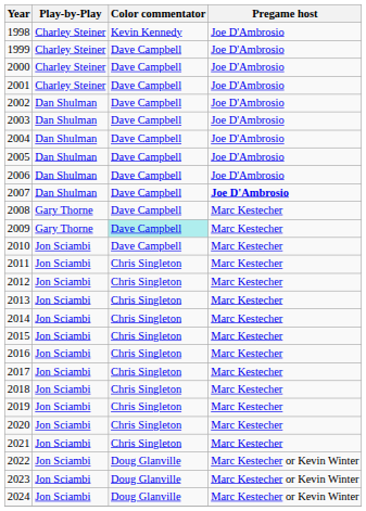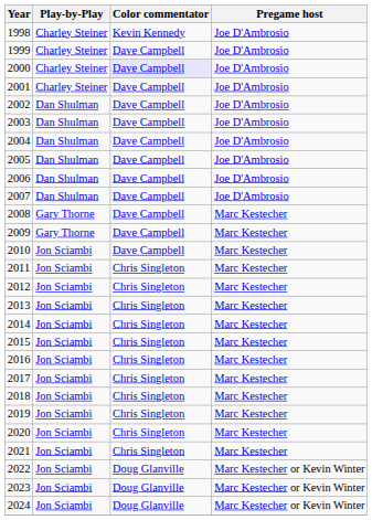 <table class=wikitable>
 <tr>
 <th>Year</th>
 <th>Play-by-Play</th>
 <th>Color commentator</th>
 <th>Pregame host</th>
 </tr>
 <tr>
 <td>1998</td>
 <td><a href='#'>Charley Steiner</a></td>
 <td><a href='#'>Kevin Kennedy</a></td>
 <td><a href='#'>Joe D'Ambrosio</a></td>
 </tr>
 <tr>
 <td>1999</td>
 <td><a href='#'>Charley Steiner</a></td>
 <td><a href='#'>Dave Campbell</a></td>
 <td><a href='#'>Joe D'Ambrosio</a></td>
 </tr>
 <tr>
 <td>2000</td>
 <td><a href='#'>Charley Steiner</a></td>
-<td><a href='#'>Dave Campbell</a></td>
+<td style="background: lavender;"><a href='#'>Dave Campbell</a></td>
 <td><a href='#'>Joe D'Ambrosio</a></td>
 </tr>
 <tr>
 <td>2001</td>
 <td><a href='#'>Charley Steiner</a></td>
 <td><a href='#'>Dave Campbell</a></td>
 <td><a href='#'>Joe D'Ambrosio</a></td>
 </tr>
 <tr>
 <td>2002</td>
 <td><a href='#'>Dan Shulman</a></td>
 <td><a href='#'>Dave Campbell</a></td>
 <td><a href='#'>Joe D'Ambrosio</a></td>
 </tr>
 <tr>
 <td>2003</td>
 <td><a href='#'>Dan Shulman</a></td>
 <td><a href='#'>Dave Campbell</a></td>
 <td><a href='#'>Joe D'Ambrosio</a></td>
 </tr>
 <tr>
 <td>2004</td>
 <td><a href='#'>Dan Shulman</a></td>
 <td><a href='#'>Dave Campbell</a></td>
 <td><a href='#'>Joe D'Ambrosio</a></td>
 </tr>
 <tr>
 <td>2005</td>
 <td><a href='#'>Dan Shulman</a></td>
 <td><a href='#'>Dave Campbell</a></td>
 <td><a href='#'>Joe D'Ambrosio</a></td>
 </tr>
 <tr>
 <td>2006</td>
 <td><a href='#'>Dan Shulman</a></td>
 <td><a href='#'>Dave Campbell</a></td>
 <td><a href='#'>Joe D'Ambrosio</a></td>
 </tr>
 <tr>
 <td>2007</td>
 <td><a href='#'>Dan Shulman</a></td>
 <td><a href='#'>Dave Campbell</a></td>
-<td><strong><a href='#'>Joe D'Ambrosio</a></strong></td>
+<td><a href='#'>Joe D'Ambrosio</a></td>
 </tr>
 <tr>
 <td>2008</td>
 <td><a href='#'>Gary Thorne</a></td>
 <td><a href='#'>Dave Campbell</a></td>
 <td><a href='#'>Marc Kestecher</a></td>
 </tr>
 <tr>
 <td>2009</td>
 <td><a href='#'>Gary Thorne</a></td>
-<td style="background: paleturquoise;"><a href='#'>Dave Campbell</a></td>
+<td><a href='#'>Dave Campbell</a></td>
 <td><a href='#'>Marc Kestecher</a></td>
 </tr>
 <tr>
 <td>2010</td>
 <td><a href='#'>Jon Sciambi</a></td>
 <td><a href='#'>Dave Campbell</a></td>
 <td><a href='#'>Marc Kestecher</a></td>
 </tr>
 <tr>
 <td>2011</td>
 <td><a href='#'>Jon Sciambi</a></td>
 <td><a href='#'>Chris Singleton</a></td>
 <td><a href='#'>Marc Kestecher</a></td>
 </tr>
 <tr>
 <td>2012</td>
 <td><a href='#'>Jon Sciambi</a></td>
 <td><a href='#'>Chris Singleton</a></td>
 <td><a href='#'>Marc Kestecher</a></td>
 </tr>
 <tr>
 <td>2013</td>
 <td><a href='#'>Jon Sciambi</a></td>
 <td><a href='#'>Chris Singleton</a></td>
 <td><a href='#'>Marc Kestecher</a></td>
 </tr>
 <tr>
 <td>2014</td>
 <td><a href='#'>Jon Sciambi</a></td>
 <td><a href='#'>Chris Singleton</a></td>
 <td><a href='#'>Marc Kestecher</a></td>
 </tr>
 <tr>
 <td>2015</td>
 <td><a href='#'>Jon Sciambi</a></td>
 <td><a href='#'>Chris Singleton</a></td>
 <td><a href='#'>Marc Kestecher</a></td>
 </tr>
 <tr>
 <td>2016</td>
 <td><a href='#'>Jon Sciambi</a></td>
 <td><a href='#'>Chris Singleton</a></td>
 <td><a href='#'>Marc Kestecher</a></td>
 </tr>
 <tr>
 <td>2017</td>
 <td><a href='#'>Jon Sciambi</a></td>
 <td><a href='#'>Chris Singleton</a></td>
 <td><a href='#'>Marc Kestecher</a></td>
 </tr>
 <tr>
 <td>2018</td>
 <td><a href='#'>Jon Sciambi</a></td>
 <td><a href='#'>Chris Singleton</a></td>
 <td><a href='#'>Marc Kestecher</a></td>
 </tr>
 <tr>
 <td>2019</td>
 <td><a href='#'>Jon Sciambi</a></td>
 <td><a href='#'>Chris Singleton</a></td>
 <td><a href='#'>Marc Kestecher</a></td>
 </tr>
 <tr>
 <td>2020</td>
 <td><a href='#'>Jon Sciambi</a></td>
 <td><a href='#'>Chris Singleton</a></td>
 <td><a href='#'>Marc Kestecher</a></td>
 </tr>
 <tr>
 <td>2021</td>
 <td><a href='#'>Jon Sciambi</a></td>
 <td><a href='#'>Chris Singleton</a></td>
 <td><a href='#'>Marc Kestecher</a></td>
 </tr>
 <tr>
 <td>2022</td>
 <td><a href='#'>Jon Sciambi</a></td>
 <td><a href='#'>Doug Glanville</a></td>
 <td><a href='#'>Marc Kestecher</a> or Kevin Winter</td>
 </tr>
 <tr>
 <td>2023</td>
 <td><a href='#'>Jon Sciambi</a></td>
 <td><a href='#'>Doug Glanville</a></td>
 <td><a href='#'>Marc Kestecher</a> or Kevin Winter</td>
 </tr>
 <tr>
 <td>2024</td>
 <td><a href='#'>Jon Sciambi</a></td>
 <td><a href='#'>Doug Glanville</a></td>
 <td><a href='#'>Marc Kestecher</a> or Kevin Winter</td>
 </tr>
 <tr>
 </tr>
 </table>
